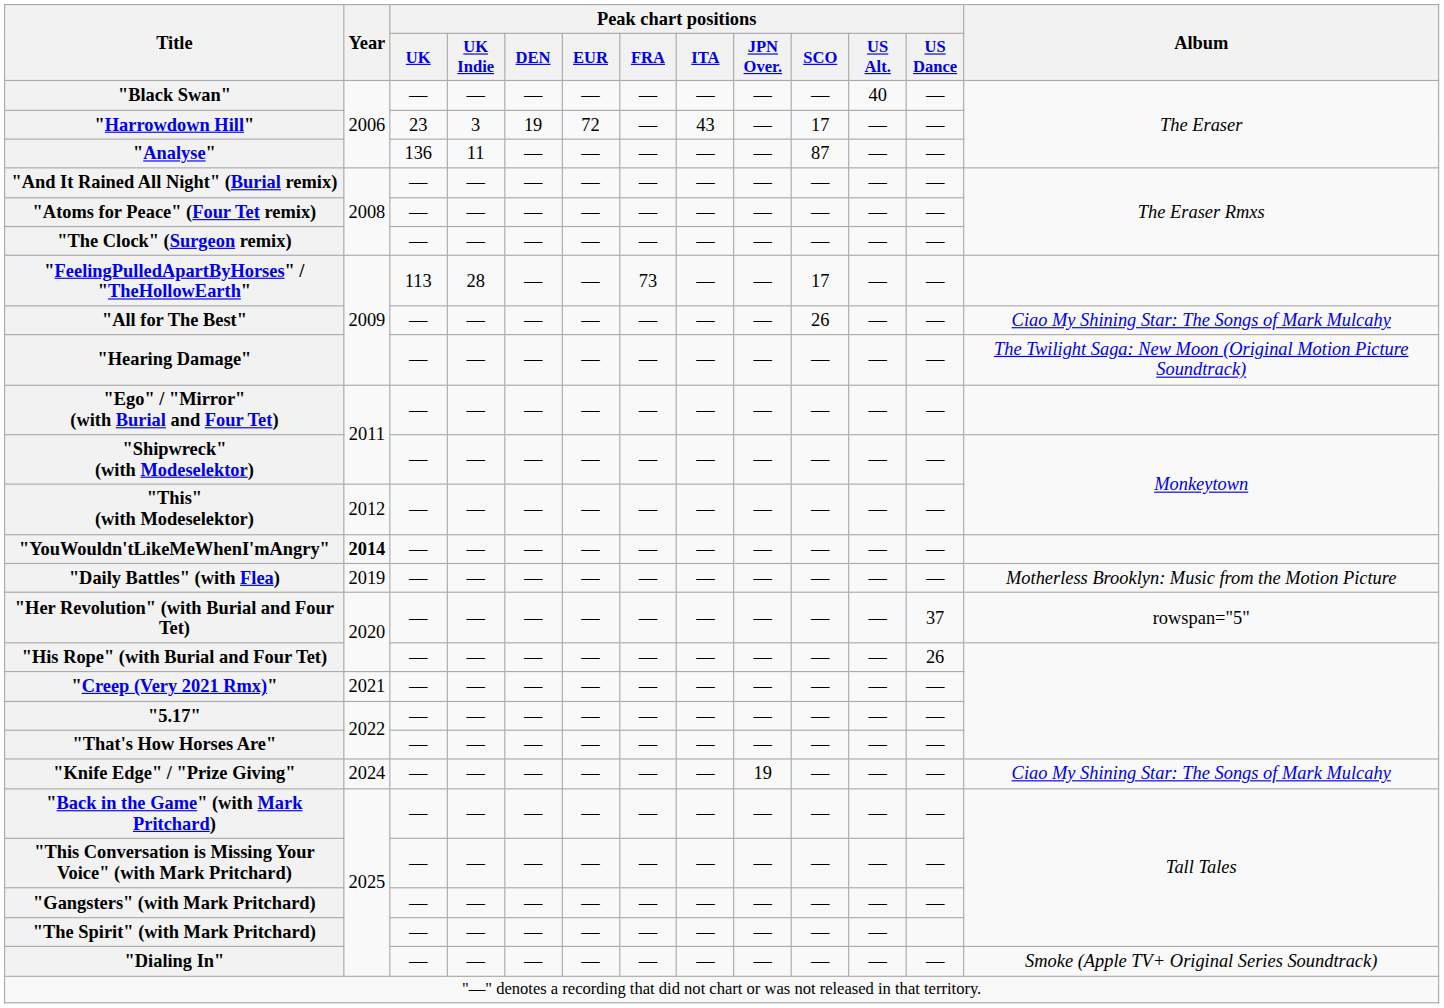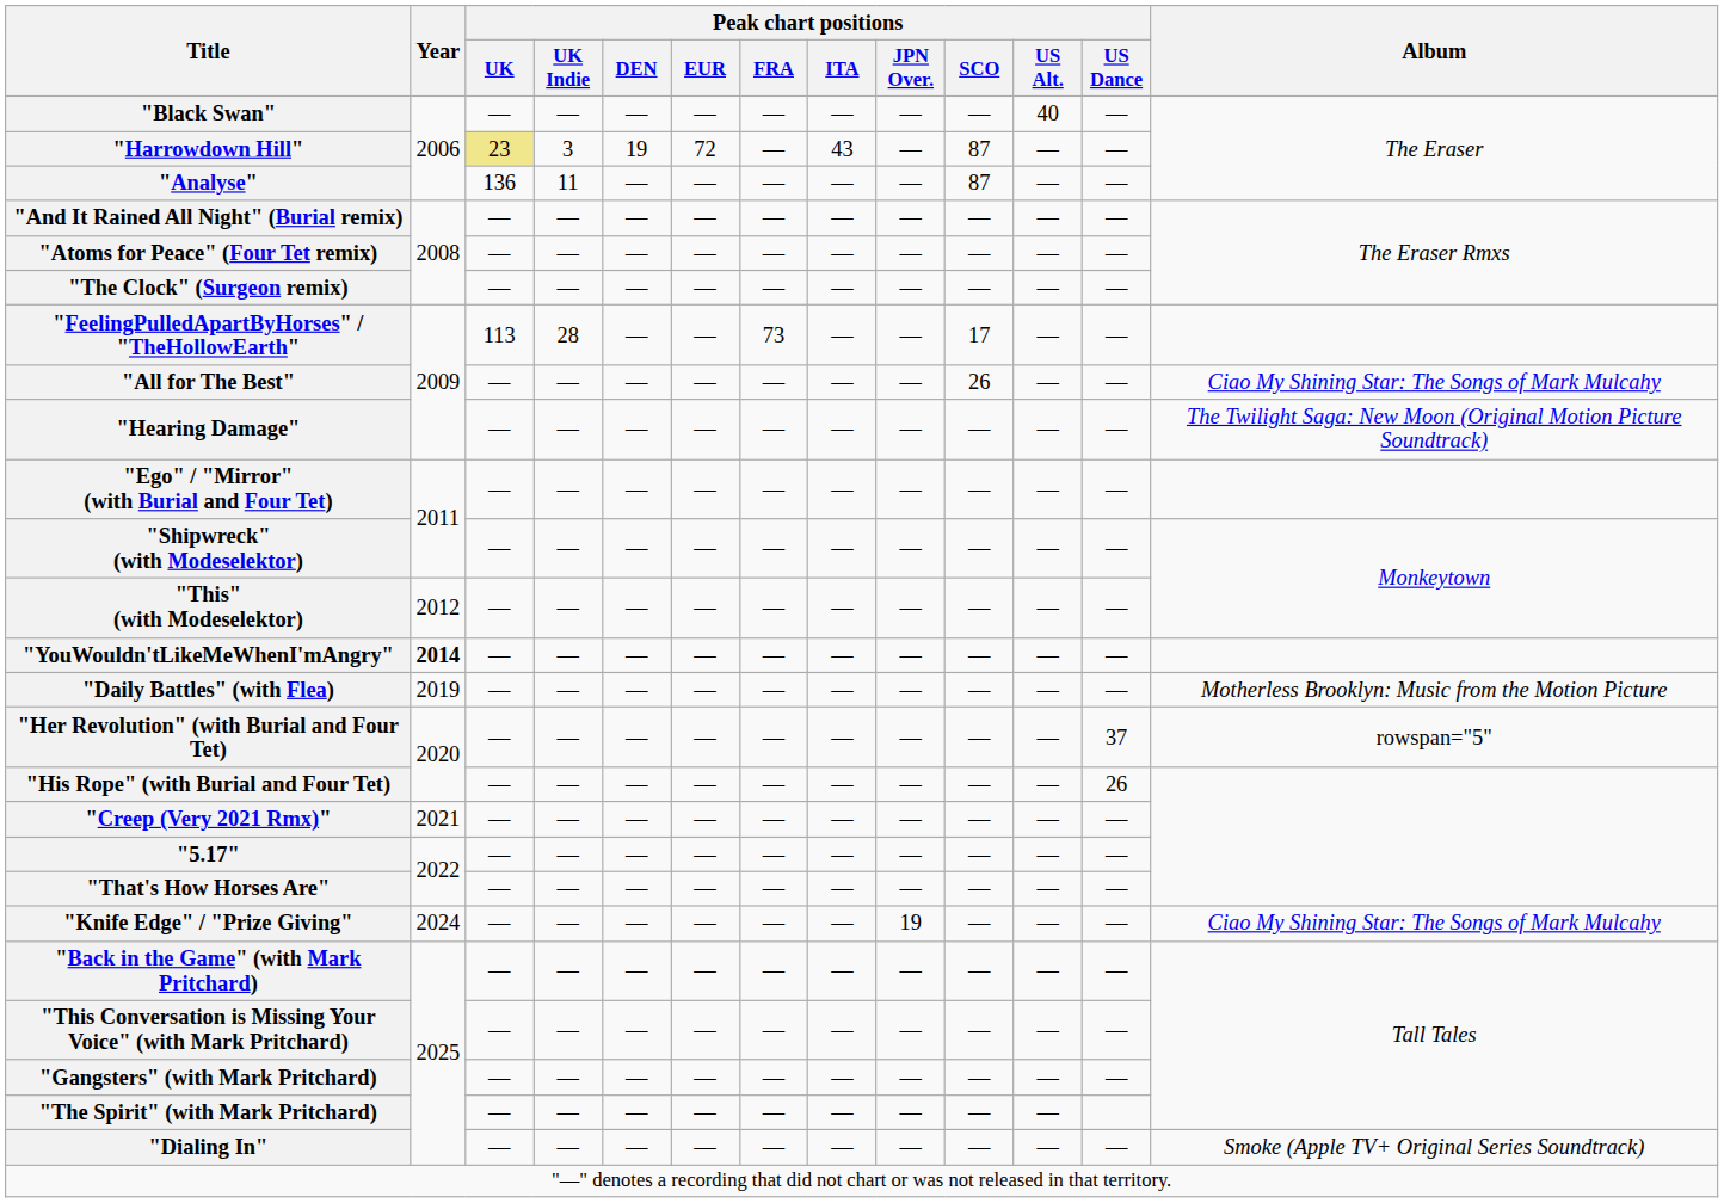 <table class="wikitable plainrowheaders" style="text-align:center;" border="1">
 <tr>
 <th scope="col" rowspan="2" style="width:18em;">Title</th>
 <th scope="col" rowspan="2">Year</th>
 <th scope="col" colspan="10">Peak chart positions</th>
 <th scope="col" rowspan="2">Album</th>
 </tr>
 <tr>
 <th scope="col" style="width:3em;font-size:90%;"><a href='#'>UK</a><br></th>
 <th scope="col" style="width:3em;font-size:90%;"><a href='#'>UK<br>Indie</a><br></th>
 <th scope="col" style="width:3em;font-size:90%;"><a href='#'>DEN</a><br></th>
 <th scope="col" style="width:3em;font-size:90%;"><a href='#'>EUR</a><br></th>
 <th scope="col" style="width:3em;font-size:90%;"><a href='#'>FRA</a><br></th>
 <th scope="col" style="width:3em;font-size:90%;"><a href='#'>ITA</a><br></th>
 <th scope="col" style="width:3em;font-size:90%;"><a href='#'>JPN<br>Over.</a><br></th>
 <th scope="col" style="width:3em;font-size:90%;"><a href='#'>SCO</a><br></th>
 <th scope="col" style="width:3em;font-size:90%;"><a href='#'>US<br>Alt.</a><br></th>
 <th scope="col" style="width:3em;font-size:90%;"><a href='#'>US<br>Dance</a><br></th>
 </tr>
 <tr>
 <th scope="row">"Black Swan"</th>
 <td rowspan="3">2006</td>
 <td>—</td>
 <td>—</td>
 <td>—</td>
 <td>—</td>
 <td>—</td>
 <td>—</td>
 <td>—</td>
 <td>—</td>
 <td>40</td>
 <td>—</td>
 <td rowspan="3"><em>The Eraser</em></td>
 </tr>
 <tr>
 <th scope="row">"<a href='#'>Harrowdown Hill</a>"</th>
-<td>23</td>
+<td style="background: khaki;">23</td>
 <td>3</td>
 <td>19</td>
 <td>72</td>
 <td>—</td>
 <td>43</td>
 <td>—</td>
-<td>17</td>
+<td>87</td>
 <td>—</td>
 <td>—</td>
 </tr>
 <tr>
 <th scope="row">"<a href='#'>Analyse</a>"</th>
 <td>136</td>
 <td>11</td>
 <td>—</td>
 <td>—</td>
 <td>—</td>
 <td>—</td>
 <td>—</td>
 <td>87</td>
 <td>—</td>
 <td>—</td>
 </tr>
 <tr>
 <th scope="row">"And It Rained All Night" (<a href='#'>Burial</a> remix)</th>
 <td rowspan="3">2008</td>
 <td>—</td>
 <td>—</td>
 <td>—</td>
 <td>—</td>
 <td>—</td>
 <td>—</td>
 <td>—</td>
 <td>—</td>
 <td>—</td>
 <td>—</td>
 <td rowspan="3"><em>The Eraser Rmxs</em></td>
 </tr>
 <tr>
 <th scope="row">"Atoms for Peace" (<a href='#'>Four Tet</a> remix)</th>
 <td>—</td>
 <td>—</td>
 <td>—</td>
 <td>—</td>
 <td>—</td>
 <td>—</td>
 <td>—</td>
 <td>—</td>
 <td>—</td>
 <td>—</td>
 </tr>
 <tr>
 <th scope="row">"The Clock" (<a href='#'>Surgeon</a> remix)</th>
 <td>—</td>
 <td>—</td>
 <td>—</td>
 <td>—</td>
 <td>—</td>
 <td>—</td>
 <td>—</td>
 <td>—</td>
 <td>—</td>
 <td>—</td>
 </tr>
 <tr>
 <th scope="row">"<a href='#'>FeelingPulledApartByHorses</a>" / "<a href='#'>TheHollowEarth</a>"</th>
 <td rowspan="3">2009</td>
 <td>113</td>
 <td>28</td>
 <td>—</td>
 <td>—</td>
 <td>73</td>
 <td>—</td>
 <td>—</td>
 <td>17</td>
 <td>—</td>
 <td>—</td>
 <td></td>
 </tr>
 <tr>
 <th scope="row">"All for The Best"</th>
 <td>—</td>
 <td>—</td>
 <td>—</td>
 <td>—</td>
 <td>—</td>
 <td>—</td>
 <td>—</td>
 <td>26</td>
 <td>—</td>
 <td>—</td>
 <td><em><a href='#'>Ciao My Shining Star: The Songs of Mark Mulcahy</a></em></td>
 </tr>
 <tr>
 <th scope="row">"Hearing Damage"</th>
 <td>—</td>
 <td>—</td>
 <td>—</td>
 <td>—</td>
 <td>—</td>
 <td>—</td>
 <td>—</td>
 <td>—</td>
 <td>—</td>
 <td>—</td>
 <td><em><a href='#'>The Twilight Saga: New Moon (Original Motion Picture Soundtrack)</a></em></td>
 </tr>
 <tr>
 <th scope="row">"Ego" / "Mirror"<br><span>(with <a href='#'>Burial</a> and <a href='#'>Four Tet</a>)</span></th>
 <td rowspan="2">2011</td>
 <td>—</td>
 <td>—</td>
 <td>—</td>
 <td>—</td>
 <td>—</td>
 <td>—</td>
 <td>—</td>
 <td>—</td>
 <td>—</td>
 <td>—</td>
 <td></td>
 </tr>
 <tr>
 <th scope="row">"Shipwreck"<br><span>(with <a href='#'>Modeselektor</a>)</span></th>
 <td>—</td>
 <td>—</td>
 <td>—</td>
 <td>—</td>
 <td>—</td>
 <td>—</td>
 <td>—</td>
 <td>—</td>
 <td>—</td>
 <td>—</td>
 <td rowspan="2"><em><a href='#'>Monkeytown</a></em></td>
 </tr>
 <tr>
 <th scope="row">"This"<br><span>(with Modeselektor)</span></th>
 <td>2012</td>
 <td>—</td>
 <td>—</td>
 <td>—</td>
 <td>—</td>
 <td>—</td>
 <td>—</td>
 <td>—</td>
 <td>—</td>
 <td>—</td>
 <td>—</td>
 </tr>
 <tr>
 <th scope="row">"YouWouldn'tLikeMeWhenI'mAngry"</th>
 <td><strong>2014</strong></td>
 <td>—</td>
 <td>—</td>
 <td>—</td>
 <td>—</td>
 <td>—</td>
 <td>—</td>
 <td>—</td>
 <td>—</td>
 <td>—</td>
 <td>—</td>
 <td></td>
 </tr>
 <tr>
 <th scope="row">"Daily Battles" <span>(with <a href='#'>Flea</a>)</span></th>
 <td>2019</td>
 <td>—</td>
 <td>—</td>
 <td>—</td>
 <td>—</td>
 <td>—</td>
 <td>—</td>
 <td>—</td>
 <td>—</td>
 <td>—</td>
 <td>—</td>
 <td><em>Motherless Brooklyn: Music from the Motion Picture</em></td>
 </tr>
 <tr>
 <th scope="row">"Her Revolution" <span>(with Burial and Four Tet)</span></th>
 <td rowspan="2">2020</td>
 <td>—</td>
 <td>—</td>
 <td>—</td>
 <td>—</td>
 <td>—</td>
 <td>—</td>
 <td>—</td>
 <td>—</td>
 <td>—</td>
 <td>37</td>
 <td>rowspan="5" </td>
 </tr>
 <tr>
 <th scope="row">"His Rope" <span>(with Burial and Four Tet)</span></th>
 <td>—</td>
 <td>—</td>
 <td>—</td>
 <td>—</td>
 <td>—</td>
 <td>—</td>
 <td>—</td>
 <td>—</td>
 <td>—</td>
 <td>26</td>
 </tr>
 <tr>
 <th scope="row">"<a href='#'>Creep (Very 2021 Rmx)</a>"</th>
 <td>2021</td>
 <td>—</td>
 <td>—</td>
 <td>—</td>
 <td>—</td>
 <td>—</td>
 <td>—</td>
 <td>—</td>
 <td>—</td>
 <td>—</td>
 <td>—</td>
 </tr>
 <tr>
 <th scope="row">"5.17"</th>
 <td rowspan="2">2022</td>
 <td>—</td>
 <td>—</td>
 <td>—</td>
 <td>—</td>
 <td>—</td>
 <td>—</td>
 <td>—</td>
 <td>—</td>
 <td>—</td>
 <td>—</td>
 </tr>
 <tr>
 <th scope="row">"That's How Horses Are"</th>
 <td>—</td>
 <td>—</td>
 <td>—</td>
 <td>—</td>
 <td>—</td>
 <td>—</td>
 <td>—</td>
 <td>—</td>
 <td>—</td>
 <td>—</td>
 </tr>
 <tr>
 <th scope="row">"Knife Edge" / "Prize Giving"</th>
 <td>2024</td>
 <td>—</td>
 <td>—</td>
 <td>—</td>
 <td>—</td>
 <td>—</td>
 <td>—</td>
 <td>19</td>
 <td>—</td>
 <td>—</td>
 <td>—</td>
 <td><em><a href='#'>Ciao My Shining Star: The Songs of Mark Mulcahy</a></em></td>
 </tr>
 <tr>
 <th scope="row">"<a href='#'>Back in the Game</a>" <span>(with <a href='#'>Mark Pritchard</a>)</span></th>
 <td rowspan="5">2025</td>
 <td>—</td>
 <td>—</td>
 <td>—</td>
 <td>—</td>
 <td>—</td>
 <td>—</td>
 <td>—</td>
 <td>—</td>
 <td>—</td>
 <td>—</td>
 <td rowspan="4"><em>Tall Tales</em></td>
 </tr>
 <tr>
 <th scope="row">"This Conversation is Missing Your Voice" <span>(with Mark Pritchard)</span></th>
 <td>—</td>
 <td>—</td>
 <td>—</td>
 <td>—</td>
 <td>—</td>
 <td>—</td>
 <td>—</td>
 <td>—</td>
 <td>—</td>
 <td>—</td>
 </tr>
 <tr>
 <th scope="row">"Gangsters" <span>(with Mark Pritchard)</span></th>
 <td>—</td>
 <td>—</td>
 <td>—</td>
 <td>—</td>
 <td>—</td>
 <td>—</td>
 <td>—</td>
 <td>—</td>
 <td>—</td>
 <td>—</td>
 </tr>
 <tr>
 <th scope="row">"The Spirit" <span>(with Mark Pritchard)</span></th>
 <td>—</td>
 <td>—</td>
 <td>—</td>
 <td>—</td>
 <td>—</td>
 <td>—</td>
 <td>—</td>
 <td>—</td>
 <td>—</td>
 <td></td>
 </tr>
 <tr>
 <th scope="row">"Dialing In"</th>
 <td>—</td>
 <td>—</td>
 <td>—</td>
 <td>—</td>
 <td>—</td>
 <td>—</td>
 <td>—</td>
 <td>—</td>
 <td>—</td>
 <td>—</td>
 <td><em>Smoke (Apple TV+ Original Series Soundtrack)</em></td>
 </tr>
 <tr>
 <td colspan="14" style="font-size:90%">"—" denotes a recording that did not chart or was not released in that territory.</td>
 </tr>
 </table>
